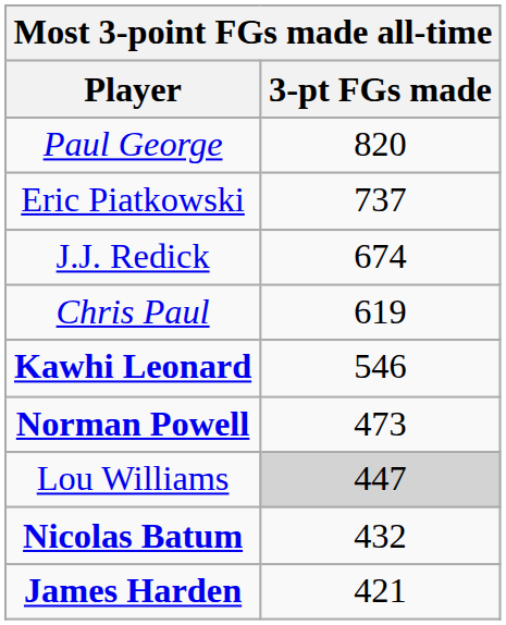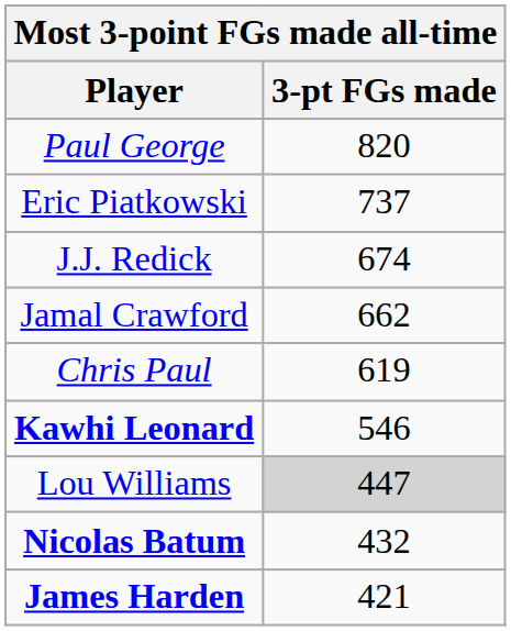 <table class="wikitable sortable" style="text-align:center">
 <tr>
 <th colspan="2">Most 3-point FGs made all-time</th>
 </tr>
 <tr>
 <th>Player</th>
 <th>3-pt FGs made</th>
 </tr>
 <tr>
 <td><em><a href='#'>Paul George</a></em></td>
 <td>820</td>
 </tr>
 <tr>
 <td><a href='#'>Eric Piatkowski</a></td>
 <td>737</td>
 </tr>
 <tr>
 <td><a href='#'>J.J. Redick</a></td>
 <td>674</td>
 </tr>
 <tr>
+<td><a href='#'>Jamal Crawford</a></td>
+<td>662</td>
+</tr>
+<tr>
 <td><em><a href='#'>Chris Paul</a></em></td>
 <td>619</td>
 </tr>
 <tr>
 <td><strong><a href='#'>Kawhi Leonard</a></strong></td>
 <td>546</td>
-</tr>
-<tr>
-<td><strong><a href='#'>Norman Powell</a></strong></td>
-<td>473</td>
 </tr>
 <tr>
 <td><a href='#'>Lou Williams</a></td>
 <td style="background: lightgrey;">447</td>
 </tr>
 <tr>
 <td><strong><a href='#'>Nicolas Batum</a></strong></td>
 <td>432</td>
 </tr>
 <tr>
 <td><strong><a href='#'>James Harden</a></strong></td>
 <td>421</td>
 </tr>
 </table>
